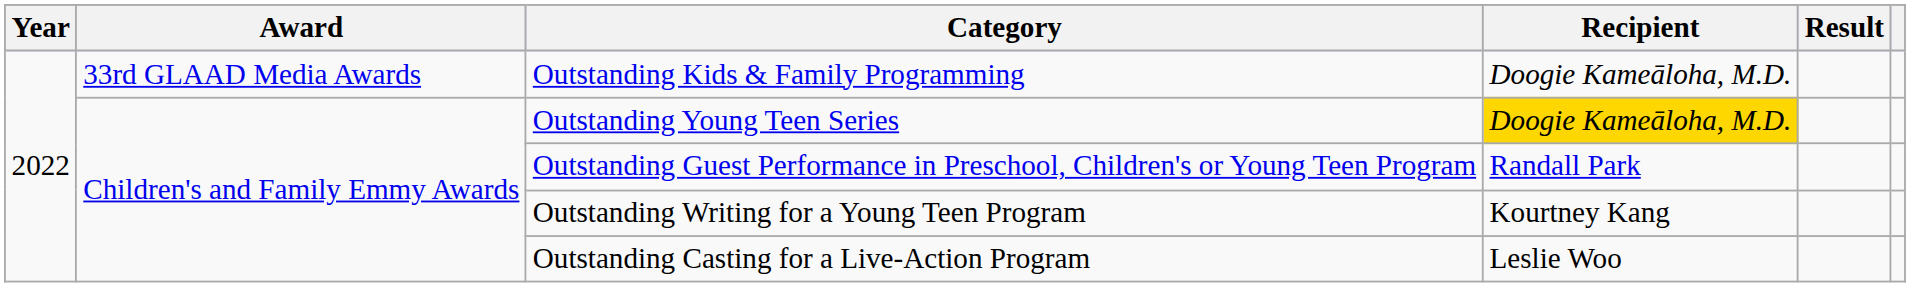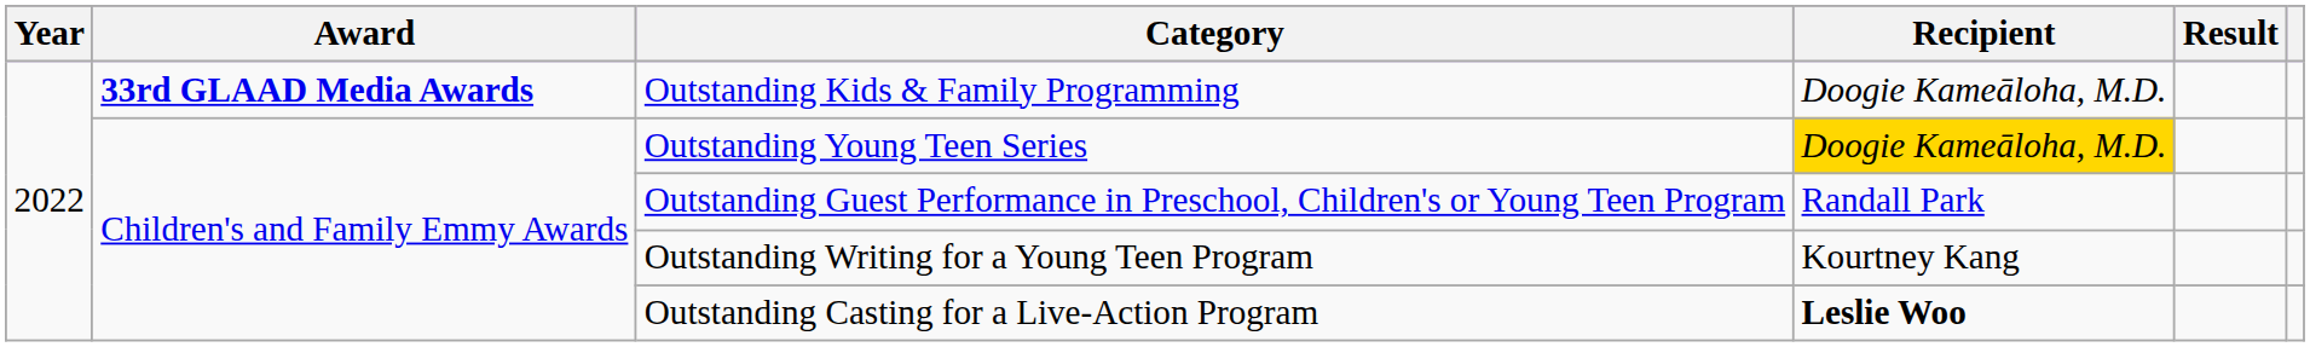 <table class="wikitable">
 <tr style="background:#96c; text-align:center;">
 <th>Year</th>
 <th>Award</th>
 <th>Category</th>
 <th>Recipient</th>
 <th>Result</th>
 <th></th>
 </tr>
 <tr>
 <td rowspan="5">2022</td>
-<td><a href='#'>33rd GLAAD Media Awards</a></td>
+<td><strong><a href='#'>33rd GLAAD Media Awards</a></strong></td>
 <td><a href='#'>Outstanding Kids & Family Programming</a></td>
 <td><em>Doogie Kameāloha, M.D.</em></td>
 <td></td>
 <td style="text-align:center;"></td>
 </tr>
 <tr>
 <td rowspan="4"><a href='#'>Children's and Family Emmy Awards</a></td>
 <td><a href='#'>Outstanding Young Teen Series</a></td>
 <td style="background: gold;"><em>Doogie Kameāloha, M.D.</em></td>
 <td></td>
 <td style="text-align:center;"></td>
 </tr>
 <tr>
 <td><a href='#'>Outstanding Guest Performance in Preschool, Children's or Young Teen Program</a></td>
 <td><a href='#'>Randall Park</a></td>
 <td></td>
 <td style="text-align:center;"></td>
 </tr>
 <tr>
 <td>Outstanding Writing for a Young Teen Program</td>
 <td>Kourtney Kang</td>
 <td></td>
 <td style="text-align:center;"></td>
 </tr>
 <tr>
 <td>Outstanding Casting for a Live-Action Program</td>
-<td>Leslie Woo</td>
+<td><strong>Leslie Woo</strong></td>
 <td></td>
 <td style="text-align:center;"></td>
 </tr>
 </table>
